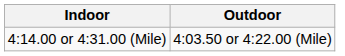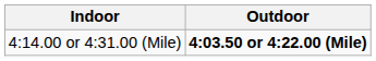 <table class="wikitable" border="1" align="upright">
 <tr>
 <th>Indoor</th>
 <th>Outdoor</th>
 </tr>
 <tr>
 <td>4:14.00 or 4:31.00 (Mile)</td>
-<td>4:03.50 or 4:22.00 (Mile)</td>
+<td><strong>4:03.50 or 4:22.00 (Mile)</strong></td>
 </tr>
 </table>
